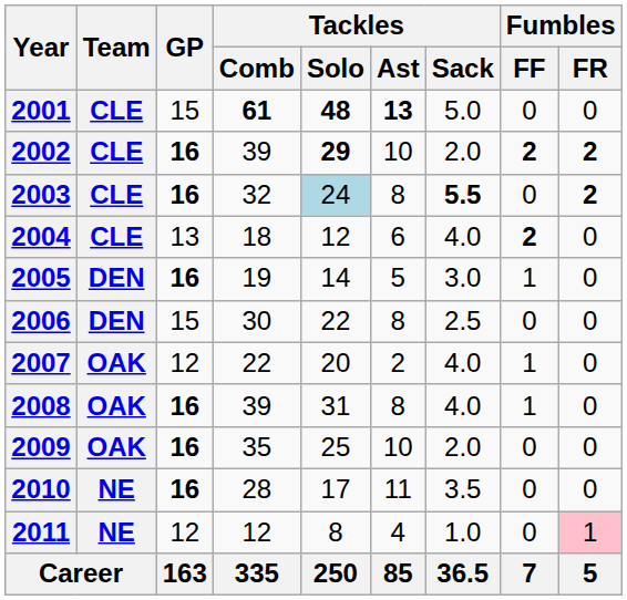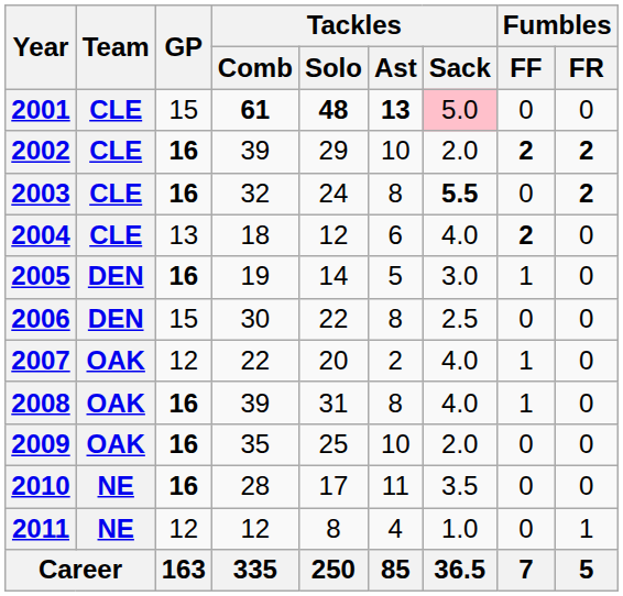 <table class="wikitable" style="text-align:center">
 <tr>
 <th rowspan="2">Year</th>
 <th rowspan="2">Team</th>
 <th rowspan="2">GP</th>
 <th colspan="4">Tackles</th>
 <th colspan="2">Fumbles</th>
 </tr>
 <tr>
 <th>Comb</th>
 <th>Solo</th>
 <th>Ast</th>
 <th>Sack</th>
 <th>FF</th>
 <th>FR</th>
 </tr>
 <tr>
 <th><a href='#'>2001</a></th>
 <th><a href='#'>CLE</a></th>
 <td>15</td>
 <td><strong>61</strong></td>
 <td><strong>48</strong></td>
 <td><strong>13</strong></td>
-<td>5.0</td>
+<td style="background: pink;">5.0</td>
 <td>0</td>
 <td>0</td>
 </tr>
 <tr>
 <th><a href='#'>2002</a></th>
 <th><a href='#'>CLE</a></th>
 <td><strong>16</strong></td>
 <td>39</td>
-<td><strong>29</strong></td>
+<td>29</td>
 <td>10</td>
 <td>2.0</td>
 <td><strong>2</strong></td>
 <td><strong>2</strong></td>
 </tr>
 <tr>
 <th><a href='#'>2003</a></th>
 <th><a href='#'>CLE</a></th>
 <td><strong>16</strong></td>
 <td>32</td>
-<td style="background: lightblue;">24</td>
+<td>24</td>
 <td>8</td>
 <td><strong>5.5</strong></td>
 <td>0</td>
 <td><strong>2</strong></td>
 </tr>
 <tr>
 <th><a href='#'>2004</a></th>
 <th><a href='#'>CLE</a></th>
 <td>13</td>
 <td>18</td>
 <td>12</td>
 <td>6</td>
 <td>4.0</td>
 <td><strong>2</strong></td>
 <td>0</td>
 </tr>
 <tr>
 <th><a href='#'>2005</a></th>
 <th><a href='#'>DEN</a></th>
 <td><strong>16</strong></td>
 <td>19</td>
 <td>14</td>
 <td>5</td>
 <td>3.0</td>
 <td>1</td>
 <td>0</td>
 </tr>
 <tr>
 <th><a href='#'>2006</a></th>
 <th><a href='#'>DEN</a></th>
 <td>15</td>
 <td>30</td>
 <td>22</td>
 <td>8</td>
 <td>2.5</td>
 <td>0</td>
 <td>0</td>
 </tr>
 <tr>
 <th><a href='#'>2007</a></th>
 <th><a href='#'>OAK</a></th>
 <td>12</td>
 <td>22</td>
 <td>20</td>
 <td>2</td>
 <td>4.0</td>
 <td>1</td>
 <td>0</td>
 </tr>
 <tr>
 <th><a href='#'>2008</a></th>
 <th><a href='#'>OAK</a></th>
 <td><strong>16</strong></td>
 <td>39</td>
 <td>31</td>
 <td>8</td>
 <td>4.0</td>
 <td>1</td>
 <td>0</td>
 </tr>
 <tr>
 <th><a href='#'>2009</a></th>
 <th><a href='#'>OAK</a></th>
 <td><strong>16</strong></td>
 <td>35</td>
 <td>25</td>
 <td>10</td>
 <td>2.0</td>
 <td>0</td>
 <td>0</td>
 </tr>
 <tr>
 <th><a href='#'>2010</a></th>
 <th><a href='#'>NE</a></th>
 <td><strong>16</strong></td>
 <td>28</td>
 <td>17</td>
 <td>11</td>
 <td>3.5</td>
 <td>0</td>
 <td>0</td>
 </tr>
 <tr>
 <th><a href='#'>2011</a></th>
 <th><a href='#'>NE</a></th>
 <td>12</td>
 <td>12</td>
 <td>8</td>
 <td>4</td>
 <td>1.0</td>
 <td>0</td>
-<td style="background: pink;">1</td>
+<td>1</td>
 </tr>
 <tr>
 <th colspan="2">Career</th>
 <th>163</th>
 <th>335</th>
 <th>250</th>
 <th>85</th>
 <th>36.5</th>
 <th>7</th>
 <th>5</th>
 </tr>
 </table>
